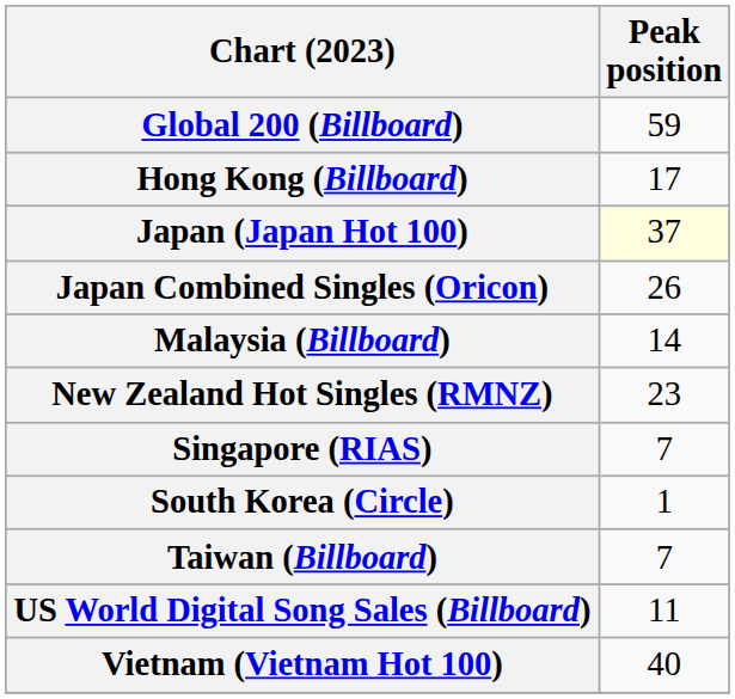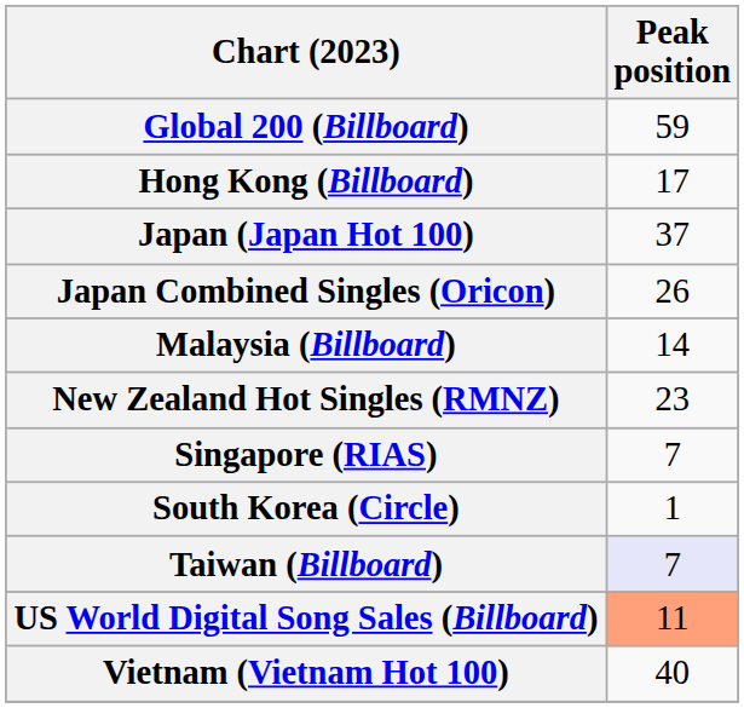 <table class="wikitable sortable plainrowheaders" style="text-align:center">
 <tr>
 <th scope="col">Chart (2023)</th>
 <th scope="col">Peak<br>position</th>
 </tr>
 <tr>
 <th scope="row"><a href='#'>Global 200</a> (<em><a href='#'>Billboard</a></em>)</th>
 <td>59</td>
 </tr>
 <tr>
 <th scope="row">Hong Kong (<em><a href='#'>Billboard</a></em>)</th>
 <td>17</td>
 </tr>
 <tr>
 <th scope="row">Japan (<a href='#'>Japan Hot 100</a>)</th>
-<td style="background: lightyellow;">37</td>
+<td>37</td>
 </tr>
 <tr>
 <th scope="row">Japan Combined Singles (<a href='#'>Oricon</a>)</th>
 <td>26</td>
 </tr>
 <tr>
 <th scope="row">Malaysia (<em><a href='#'>Billboard</a></em>)</th>
 <td>14</td>
 </tr>
 <tr>
 <th scope="row">New Zealand Hot Singles (<a href='#'>RMNZ</a>)</th>
 <td>23</td>
 </tr>
 <tr>
 <th scope="row">Singapore (<a href='#'>RIAS</a>)</th>
 <td>7</td>
 </tr>
 <tr>
 <th scope="row">South Korea (<a href='#'>Circle</a>)</th>
 <td>1</td>
 </tr>
 <tr>
 <th scope="row">Taiwan (<em><a href='#'>Billboard</a></em>)</th>
-<td>7</td>
+<td style="background: lavender;">7</td>
 </tr>
 <tr>
 <th scope="row">US <a href='#'>World Digital Song Sales</a> (<em><a href='#'>Billboard</a></em>)</th>
-<td>11</td>
+<td style="background: lightsalmon;">11</td>
 </tr>
 <tr>
 <th scope="row">Vietnam (<a href='#'>Vietnam Hot 100</a>)</th>
 <td>40</td>
 </tr>
 <tr>
 </tr>
 </table>
